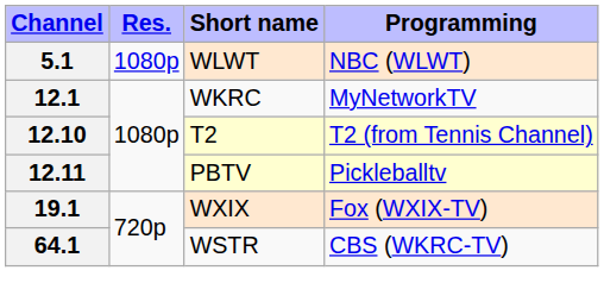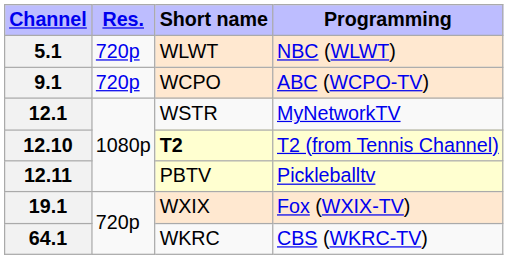 <table class="wikitable">
 <tr>
 <th style="background-color: #bdbdff" scope = "col"><a href='#'>Channel</a></th>
 <th style="background-color: #bdbdff" scope = "col"><a href='#'>Res.</a></th>
 <th style="background-color: #bdbdff" scope = "col">Short name</th>
 <th style="background-color: #bdbdff" scope = "col">Programming</th>
 </tr>
 <tr>
 <th scope = "row">5.1</th>
-<td><a href='#'>1080p</a></td>
+<td><a href='#'>720p</a></td>
 <td style="background-color:#ffe8d0">WLWT</td>
 <td style="background-color:#ffe8d0"><a href='#'>NBC</a> (<a href='#'>WLWT</a>) </td>
 </tr>
 <tr>
+<th scope = "row">9.1</th>
+<td><a href='#'>720p</a></td>
+<td style="background-color:#ffe8d0">WCPO</td>
+<td style="background-color:#ffe8d0"><a href='#'>ABC</a> (<a href='#'>WCPO-TV</a>) </td>
+</tr>
+<tr>
 <th scope = "row">12.1</th>
 <td rowspan=3>1080p</td>
-<td>WKRC</td>
+<td>WSTR</td>
 <td><a href='#'>MyNetworkTV</a></td>
 </tr>
 <tr>
 <th scope = "row">12.10</th>
-<td style="background-color:#ffffd0">T2</td>
+<td style="background-color:#ffffd0"><strong>T2</strong></td>
 <td style="background-color:#ffffd0"><a href='#'>T2 (from Tennis Channel)</a></td>
 </tr>
 <tr>
 <th scope = "row">12.11</th>
 <td style="background-color:#ffffd0">PBTV</td>
 <td style="background-color:#ffffd0"><a href='#'>Pickleballtv</a></td>
 </tr>
 <tr>
 <th scope = "row">19.1</th>
 <td rowspan=2>720p</td>
 <td style="background-color:#ffe8d0">WXIX</td>
 <td style="background-color:#ffe8d0"><a href='#'>Fox</a> (<a href='#'>WXIX-TV</a>) </td>
 </tr>
 <tr>
 <th scope = "row">64.1</th>
-<td>WSTR</td>
+<td>WKRC</td>
 <td><a href='#'>CBS</a> (<a href='#'>WKRC-TV</a>)</td>
 </tr>
 </table>
